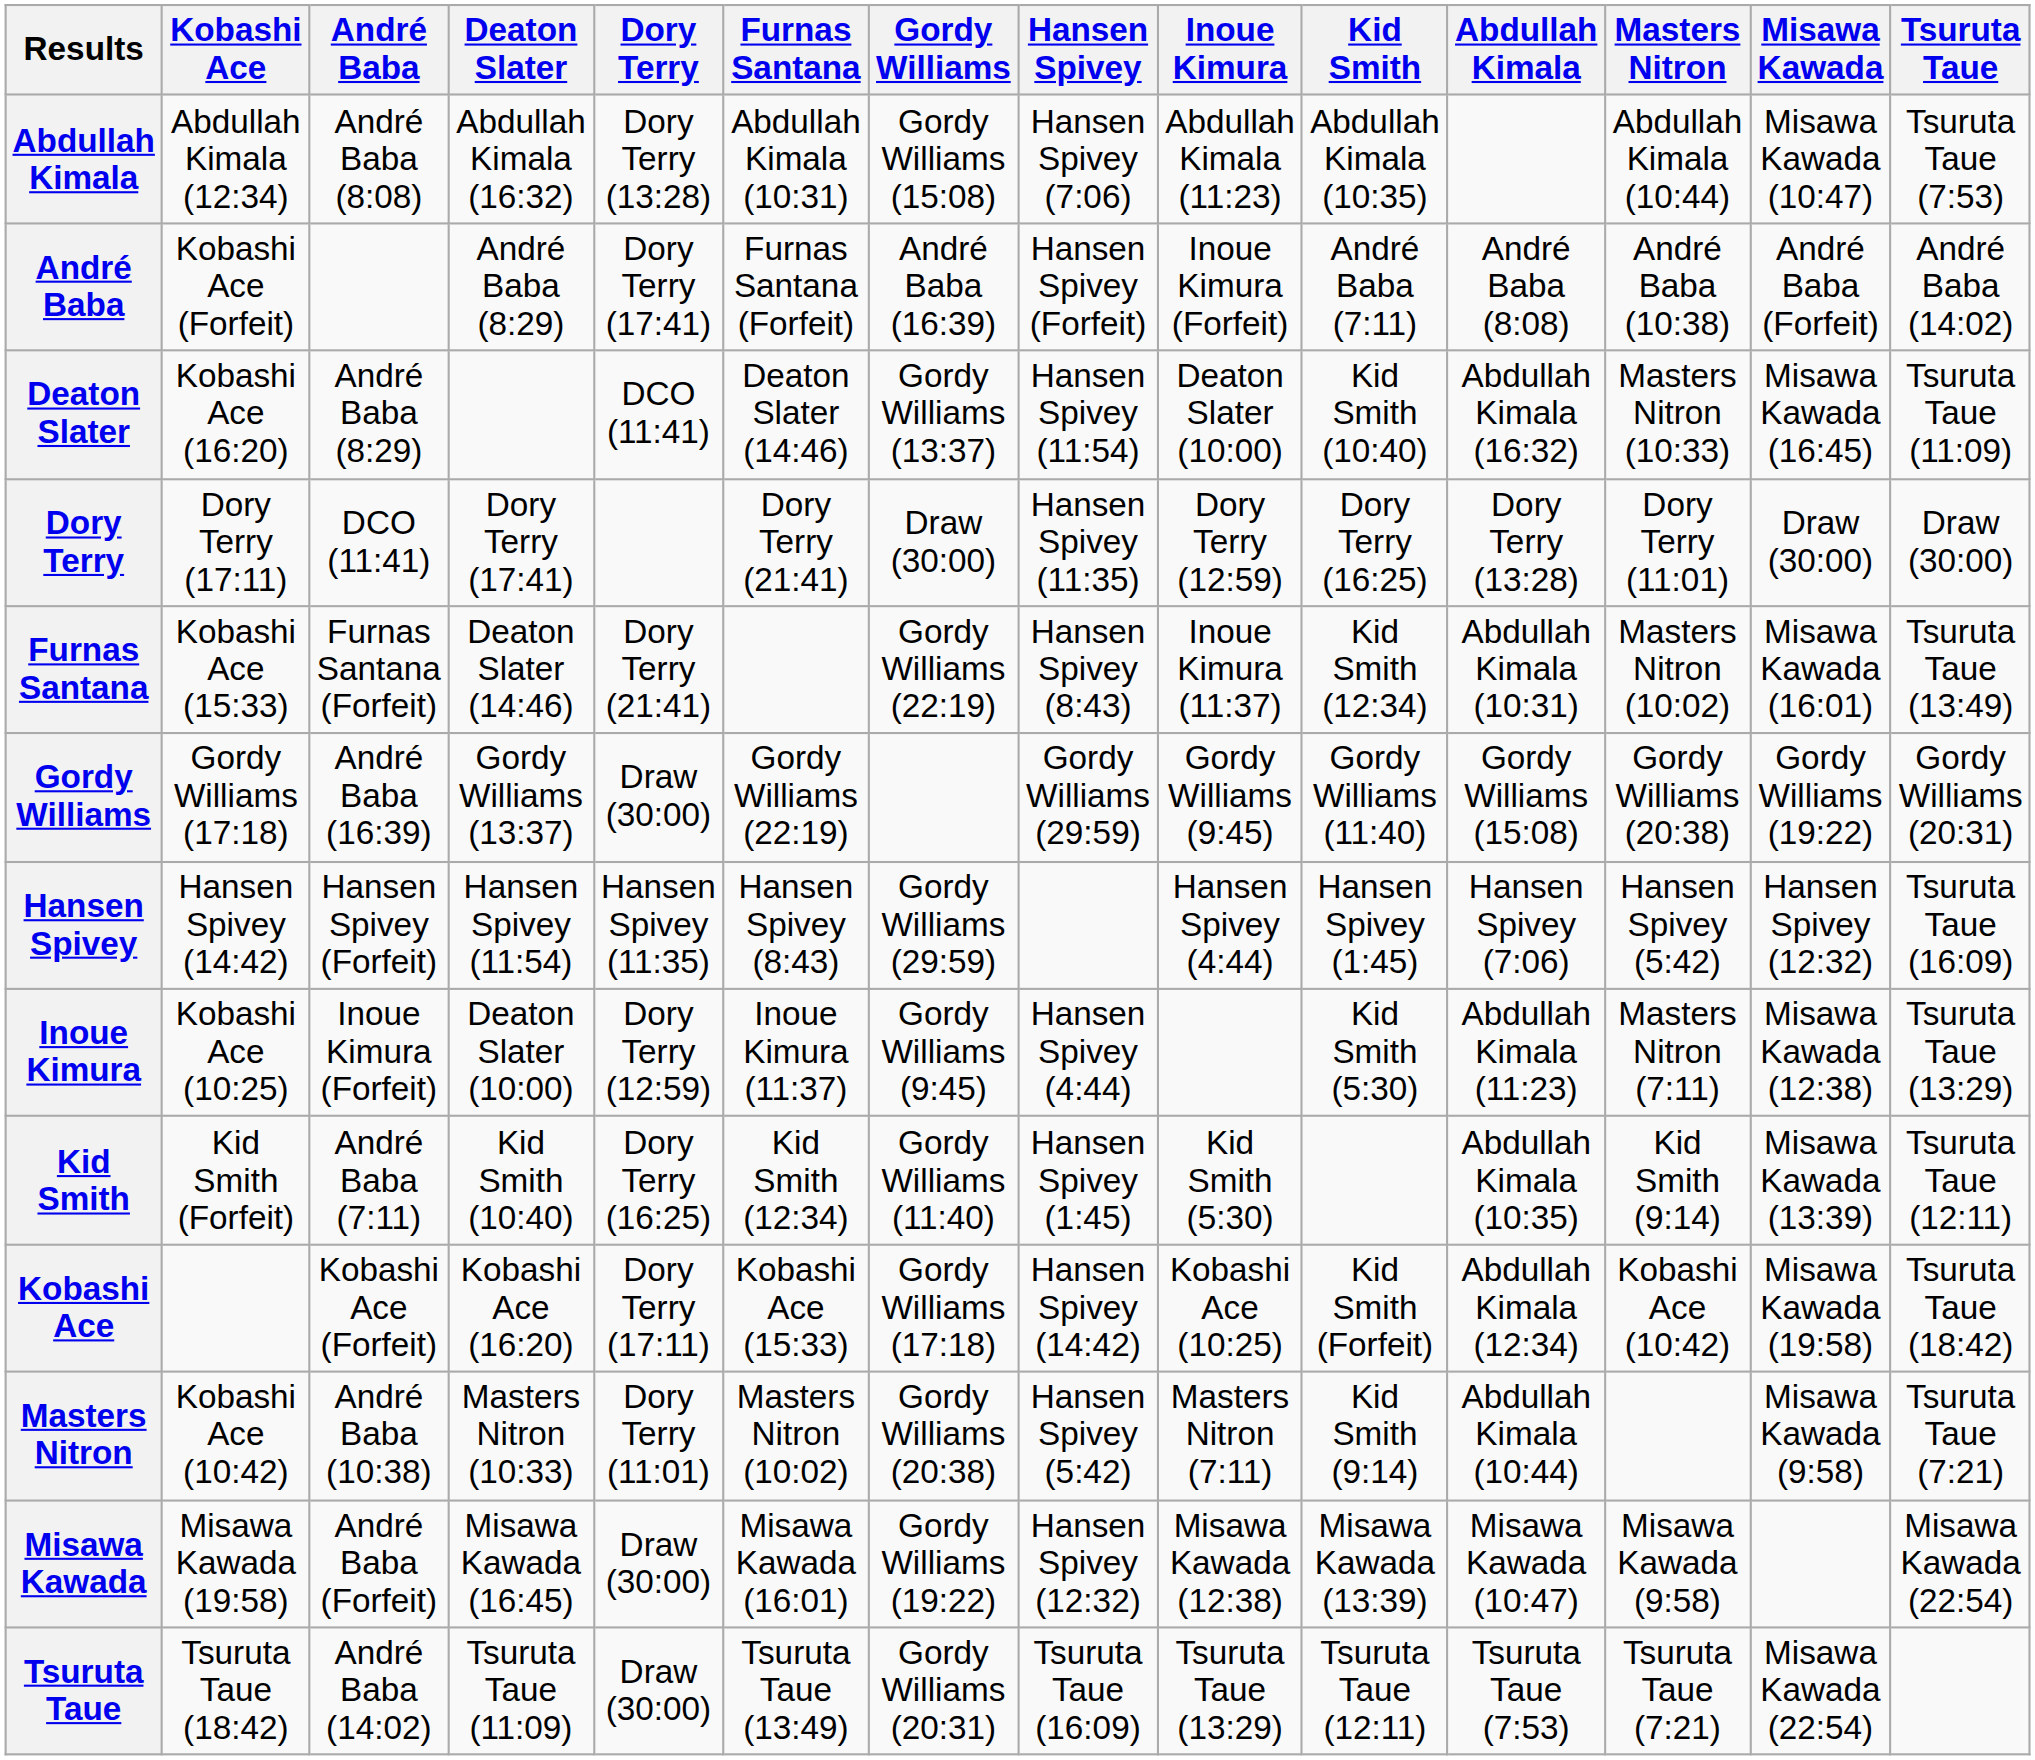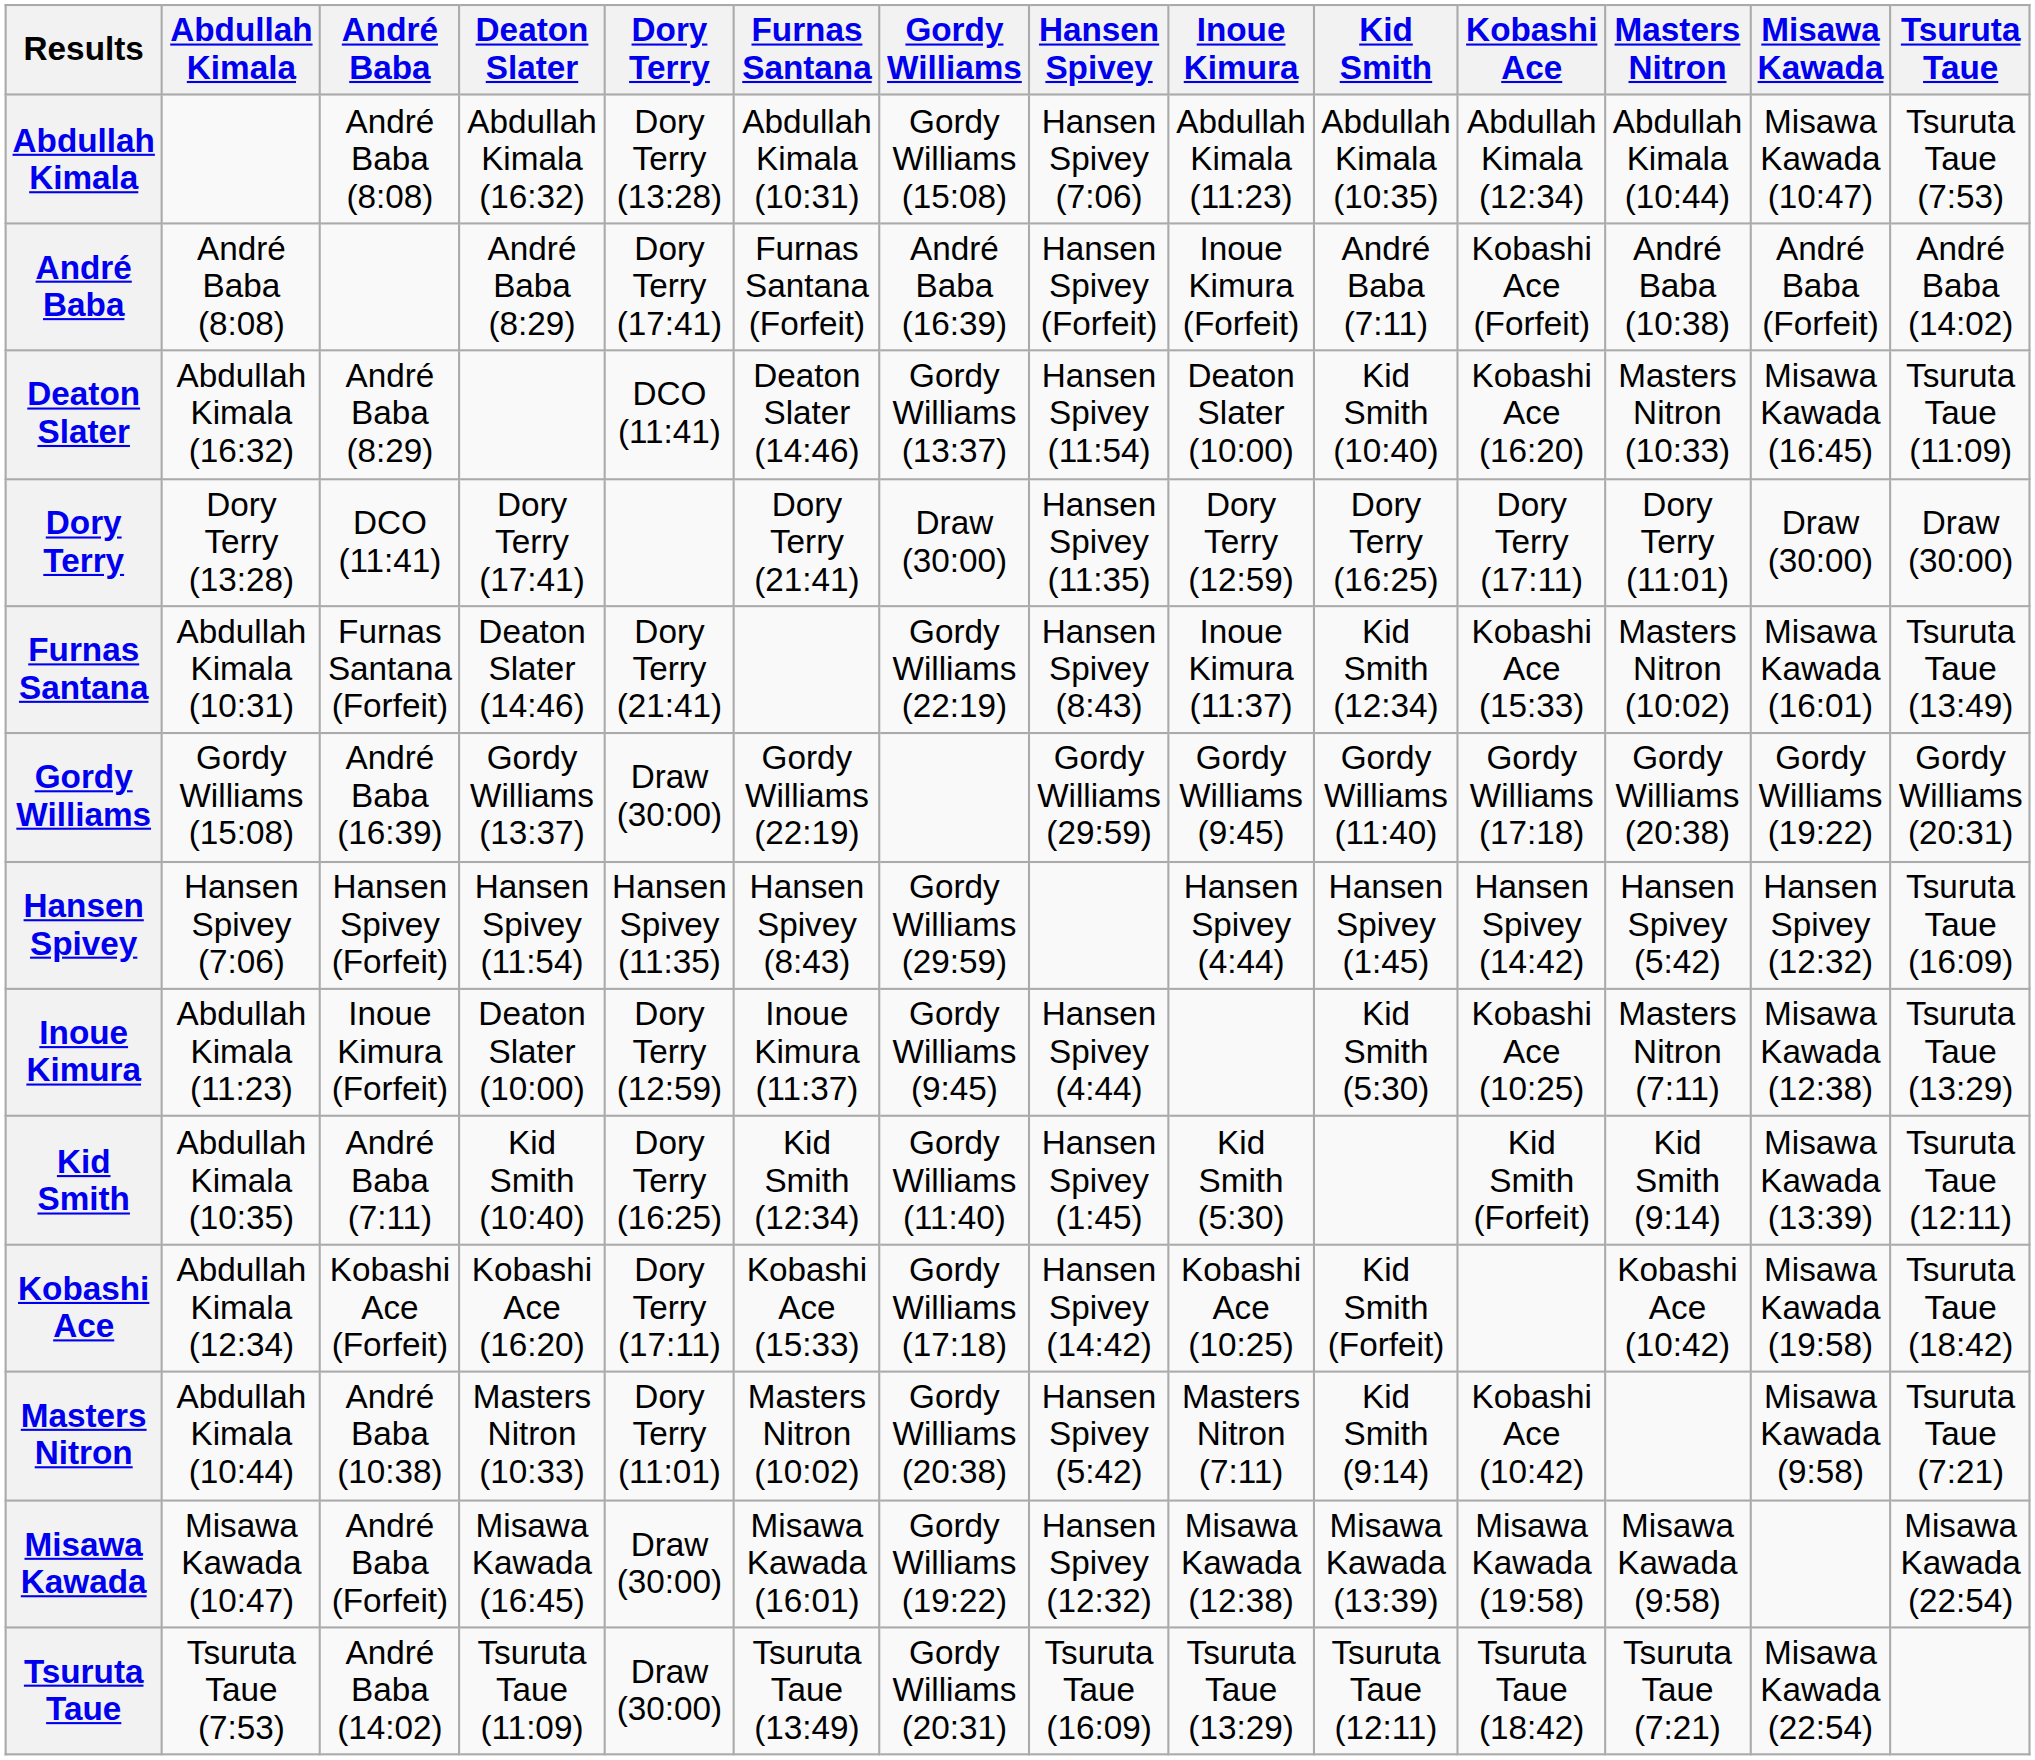 <table class="wikitable" style="text-align:center; margin: 1em auto 1em auto">
 <tr>
 <th>Results</th>
-<th><a href='#'>Kobashi</a><br><a href='#'>Ace</a></th>
+<th><a href='#'>Abdullah</a><br><a href='#'>Kimala</a></th>
 <th><a href='#'>André</a><br><a href='#'>Baba</a></th>
 <th><a href='#'>Deaton</a><br><a href='#'>Slater</a></th>
 <th><a href='#'>Dory</a><br><a href='#'>Terry</a></th>
 <th><a href='#'>Furnas</a><br><a href='#'>Santana</a></th>
 <th><a href='#'>Gordy</a><br><a href='#'>Williams</a></th>
 <th><a href='#'>Hansen</a><br><a href='#'>Spivey</a></th>
 <th><a href='#'>Inoue</a><br><a href='#'>Kimura</a></th>
 <th><a href='#'>Kid</a><br><a href='#'>Smith</a></th>
-<th><a href='#'>Abdullah</a><br><a href='#'>Kimala</a></th>
+<th><a href='#'>Kobashi</a><br><a href='#'>Ace</a></th>
 <th><a href='#'>Masters</a><br><a href='#'>Nitron</a></th>
 <th><a href='#'>Misawa</a><br><a href='#'>Kawada</a></th>
 <th><a href='#'>Tsuruta</a><br><a href='#'>Taue</a></th>
 </tr>
 <tr>
 <th><a href='#'>Abdullah</a><br><a href='#'>Kimala</a></th>
-<td>Abdullah<br>Kimala<br>(12:34)</td>
+<td></td>
 <td>André<br>Baba<br>(8:08)</td>
 <td>Abdullah<br>Kimala<br>(16:32)</td>
 <td>Dory<br>Terry<br>(13:28)</td>
 <td>Abdullah<br>Kimala<br>(10:31)</td>
 <td>Gordy<br>Williams<br>(15:08)</td>
 <td>Hansen<br>Spivey<br>(7:06)</td>
 <td>Abdullah<br>Kimala<br>(11:23)</td>
 <td>Abdullah<br>Kimala<br>(10:35)</td>
-<td></td>
+<td>Abdullah<br>Kimala<br>(12:34)</td>
 <td>Abdullah<br>Kimala<br>(10:44)</td>
 <td>Misawa<br>Kawada<br>(10:47)</td>
 <td>Tsuruta<br>Taue<br>(7:53)</td>
 </tr>
 <tr>
 <th><a href='#'>André</a><br><a href='#'>Baba</a></th>
-<td>Kobashi<br>Ace<br>(Forfeit)</td>
+<td>André<br>Baba<br>(8:08)</td>
 <td></td>
 <td>André<br>Baba<br>(8:29)</td>
 <td>Dory<br>Terry<br>(17:41)</td>
 <td>Furnas<br>Santana<br>(Forfeit)</td>
 <td>André<br>Baba<br>(16:39)</td>
 <td>Hansen<br>Spivey<br>(Forfeit)</td>
 <td>Inoue<br>Kimura<br>(Forfeit)</td>
 <td>André<br>Baba<br>(7:11)</td>
-<td>André<br>Baba<br>(8:08)</td>
+<td>Kobashi<br>Ace<br>(Forfeit)</td>
 <td>André<br>Baba<br>(10:38)</td>
 <td>André<br>Baba<br>(Forfeit)</td>
 <td>André<br>Baba<br>(14:02)</td>
 </tr>
 <tr>
 <th><a href='#'>Deaton</a><br><a href='#'>Slater</a></th>
-<td>Kobashi<br>Ace<br>(16:20)</td>
+<td>Abdullah<br>Kimala<br>(16:32)</td>
 <td>André<br>Baba<br>(8:29)</td>
 <td></td>
 <td>DCO<br>(11:41)</td>
 <td>Deaton<br>Slater<br>(14:46)</td>
 <td>Gordy<br>Williams<br>(13:37)</td>
 <td>Hansen<br>Spivey<br>(11:54)</td>
 <td>Deaton<br>Slater<br>(10:00)</td>
 <td>Kid<br>Smith<br>(10:40)</td>
-<td>Abdullah<br>Kimala<br>(16:32)</td>
+<td>Kobashi<br>Ace<br>(16:20)</td>
 <td>Masters<br>Nitron<br>(10:33)</td>
 <td>Misawa<br>Kawada<br>(16:45)</td>
 <td>Tsuruta<br>Taue<br>(11:09)</td>
 </tr>
 <tr>
 <th><a href='#'>Dory</a><br><a href='#'>Terry</a></th>
-<td>Dory<br>Terry<br>(17:11)</td>
+<td>Dory<br>Terry<br>(13:28)</td>
 <td>DCO<br>(11:41)</td>
 <td>Dory<br>Terry<br>(17:41)</td>
 <td></td>
 <td>Dory<br>Terry<br>(21:41)</td>
 <td>Draw<br>(30:00)</td>
 <td>Hansen<br>Spivey<br>(11:35)</td>
 <td>Dory<br>Terry<br>(12:59)</td>
 <td>Dory<br>Terry<br>(16:25)</td>
-<td>Dory<br>Terry<br>(13:28)</td>
+<td>Dory<br>Terry<br>(17:11)</td>
 <td>Dory<br>Terry<br>(11:01)</td>
 <td>Draw<br>(30:00)</td>
 <td>Draw<br>(30:00)</td>
 </tr>
 <tr>
 <th><a href='#'>Furnas</a><br><a href='#'>Santana</a></th>
-<td>Kobashi<br>Ace<br>(15:33)</td>
+<td>Abdullah<br>Kimala<br>(10:31)</td>
 <td>Furnas<br>Santana<br>(Forfeit)</td>
 <td>Deaton<br>Slater<br>(14:46)</td>
 <td>Dory<br>Terry<br>(21:41)</td>
 <td></td>
 <td>Gordy<br>Williams<br>(22:19)</td>
 <td>Hansen<br>Spivey<br>(8:43)</td>
 <td>Inoue<br>Kimura<br>(11:37)</td>
 <td>Kid<br>Smith<br>(12:34)</td>
-<td>Abdullah<br>Kimala<br>(10:31)</td>
+<td>Kobashi<br>Ace<br>(15:33)</td>
 <td>Masters<br>Nitron<br>(10:02)</td>
 <td>Misawa<br>Kawada<br>(16:01)</td>
 <td>Tsuruta<br>Taue<br>(13:49)</td>
 </tr>
 <tr>
 <th><a href='#'>Gordy</a><br><a href='#'>Williams</a></th>
-<td>Gordy<br>Williams<br>(17:18)</td>
+<td>Gordy<br>Williams<br>(15:08)</td>
 <td>André<br>Baba<br>(16:39)</td>
 <td>Gordy<br>Williams<br>(13:37)</td>
 <td>Draw<br>(30:00)</td>
 <td>Gordy<br>Williams<br>(22:19)</td>
 <td></td>
 <td>Gordy<br>Williams<br>(29:59)</td>
 <td>Gordy<br>Williams<br>(9:45)</td>
 <td>Gordy<br>Williams<br>(11:40)</td>
-<td>Gordy<br>Williams<br>(15:08)</td>
+<td>Gordy<br>Williams<br>(17:18)</td>
 <td>Gordy<br>Williams<br>(20:38)</td>
 <td>Gordy<br>Williams<br>(19:22)</td>
 <td>Gordy<br>Williams<br>(20:31)</td>
 </tr>
 <tr>
 <th><a href='#'>Hansen</a><br><a href='#'>Spivey</a></th>
-<td>Hansen<br>Spivey<br>(14:42)</td>
+<td>Hansen<br>Spivey<br>(7:06)</td>
 <td>Hansen<br>Spivey<br>(Forfeit)</td>
 <td>Hansen<br>Spivey<br>(11:54)</td>
 <td>Hansen<br>Spivey<br>(11:35)</td>
 <td>Hansen<br>Spivey<br>(8:43)</td>
 <td>Gordy<br>Williams<br>(29:59)</td>
 <td></td>
 <td>Hansen<br>Spivey<br>(4:44)</td>
 <td>Hansen<br>Spivey<br>(1:45)</td>
-<td>Hansen<br>Spivey<br>(7:06)</td>
+<td>Hansen<br>Spivey<br>(14:42)</td>
 <td>Hansen<br>Spivey<br>(5:42)</td>
 <td>Hansen<br>Spivey<br>(12:32)</td>
 <td>Tsuruta<br>Taue<br>(16:09)</td>
 </tr>
 <tr>
 <th><a href='#'>Inoue</a><br><a href='#'>Kimura</a></th>
-<td>Kobashi<br>Ace<br>(10:25)</td>
+<td>Abdullah<br>Kimala<br>(11:23)</td>
 <td>Inoue<br>Kimura<br>(Forfeit)</td>
 <td>Deaton<br>Slater<br>(10:00)</td>
 <td>Dory<br>Terry<br>(12:59)</td>
 <td>Inoue<br>Kimura<br>(11:37)</td>
 <td>Gordy<br>Williams<br>(9:45)</td>
 <td>Hansen<br>Spivey<br>(4:44)</td>
 <td></td>
 <td>Kid<br>Smith<br>(5:30)</td>
-<td>Abdullah<br>Kimala<br>(11:23)</td>
+<td>Kobashi<br>Ace<br>(10:25)</td>
 <td>Masters<br>Nitron<br>(7:11)</td>
 <td>Misawa<br>Kawada<br>(12:38)</td>
 <td>Tsuruta<br>Taue<br>(13:29)</td>
 </tr>
 <tr>
 <th><a href='#'>Kid</a><br><a href='#'>Smith</a></th>
-<td>Kid<br>Smith<br>(Forfeit)</td>
+<td>Abdullah<br>Kimala<br>(10:35)</td>
 <td>André<br>Baba<br>(7:11)</td>
 <td>Kid<br>Smith<br>(10:40)</td>
 <td>Dory<br>Terry<br>(16:25)</td>
 <td>Kid<br>Smith<br>(12:34)</td>
 <td>Gordy<br>Williams<br>(11:40)</td>
 <td>Hansen<br>Spivey<br>(1:45)</td>
 <td>Kid<br>Smith<br>(5:30)</td>
 <td></td>
-<td>Abdullah<br>Kimala<br>(10:35)</td>
+<td>Kid<br>Smith<br>(Forfeit)</td>
 <td>Kid<br>Smith<br>(9:14)</td>
 <td>Misawa<br>Kawada<br>(13:39)</td>
 <td>Tsuruta<br>Taue<br>(12:11)</td>
 </tr>
 <tr>
 <th><a href='#'>Kobashi</a><br><a href='#'>Ace</a></th>
-<td></td>
+<td>Abdullah<br>Kimala<br>(12:34)</td>
 <td>Kobashi<br>Ace<br>(Forfeit)</td>
 <td>Kobashi<br>Ace<br>(16:20)</td>
 <td>Dory<br>Terry<br>(17:11)</td>
 <td>Kobashi<br>Ace<br>(15:33)</td>
 <td>Gordy<br>Williams<br>(17:18)</td>
 <td>Hansen<br>Spivey<br>(14:42)</td>
 <td>Kobashi<br>Ace<br>(10:25)</td>
 <td>Kid<br>Smith<br>(Forfeit)</td>
-<td>Abdullah<br>Kimala<br>(12:34)</td>
+<td></td>
 <td>Kobashi<br>Ace<br>(10:42)</td>
 <td>Misawa<br>Kawada<br>(19:58)</td>
 <td>Tsuruta<br>Taue<br>(18:42)</td>
 </tr>
 <tr>
 <th><a href='#'>Masters</a><br><a href='#'>Nitron</a></th>
-<td>Kobashi<br>Ace<br>(10:42)</td>
+<td>Abdullah<br>Kimala<br>(10:44)</td>
 <td>André<br>Baba<br>(10:38)</td>
 <td>Masters<br>Nitron<br>(10:33)</td>
 <td>Dory<br>Terry<br>(11:01)</td>
 <td>Masters<br>Nitron<br>(10:02)</td>
 <td>Gordy<br>Williams<br>(20:38)</td>
 <td>Hansen<br>Spivey<br>(5:42)</td>
 <td>Masters<br>Nitron<br>(7:11)</td>
 <td>Kid<br>Smith<br>(9:14)</td>
-<td>Abdullah<br>Kimala<br>(10:44)</td>
+<td>Kobashi<br>Ace<br>(10:42)</td>
 <td></td>
 <td>Misawa<br>Kawada<br>(9:58)</td>
 <td>Tsuruta<br>Taue<br>(7:21)</td>
 </tr>
 <tr>
 <th><a href='#'>Misawa</a><br><a href='#'>Kawada</a></th>
-<td>Misawa<br>Kawada<br>(19:58)</td>
+<td>Misawa<br>Kawada<br>(10:47)</td>
 <td>André<br>Baba<br>(Forfeit)</td>
 <td>Misawa<br>Kawada<br>(16:45)</td>
 <td>Draw<br>(30:00)</td>
 <td>Misawa<br>Kawada<br>(16:01)</td>
 <td>Gordy<br>Williams<br>(19:22)</td>
 <td>Hansen<br>Spivey<br>(12:32)</td>
 <td>Misawa<br>Kawada<br>(12:38)</td>
 <td>Misawa<br>Kawada<br>(13:39)</td>
-<td>Misawa<br>Kawada<br>(10:47)</td>
+<td>Misawa<br>Kawada<br>(19:58)</td>
 <td>Misawa<br>Kawada<br>(9:58)</td>
 <td></td>
 <td>Misawa<br>Kawada<br>(22:54)</td>
 </tr>
 <tr>
 <th><a href='#'>Tsuruta</a><br><a href='#'>Taue</a></th>
-<td>Tsuruta<br>Taue<br>(18:42)</td>
+<td>Tsuruta<br>Taue<br>(7:53)</td>
 <td>André<br>Baba<br>(14:02)</td>
 <td>Tsuruta<br>Taue<br>(11:09)</td>
 <td>Draw<br>(30:00)</td>
 <td>Tsuruta<br>Taue<br>(13:49)</td>
 <td>Gordy<br>Williams<br>(20:31)</td>
 <td>Tsuruta<br>Taue<br>(16:09)</td>
 <td>Tsuruta<br>Taue<br>(13:29)</td>
 <td>Tsuruta<br>Taue<br>(12:11)</td>
-<td>Tsuruta<br>Taue<br>(7:53)</td>
+<td>Tsuruta<br>Taue<br>(18:42)</td>
 <td>Tsuruta<br>Taue<br>(7:21)</td>
 <td>Misawa<br>Kawada<br>(22:54)</td>
 <td></td>
 </tr>
 </table>
